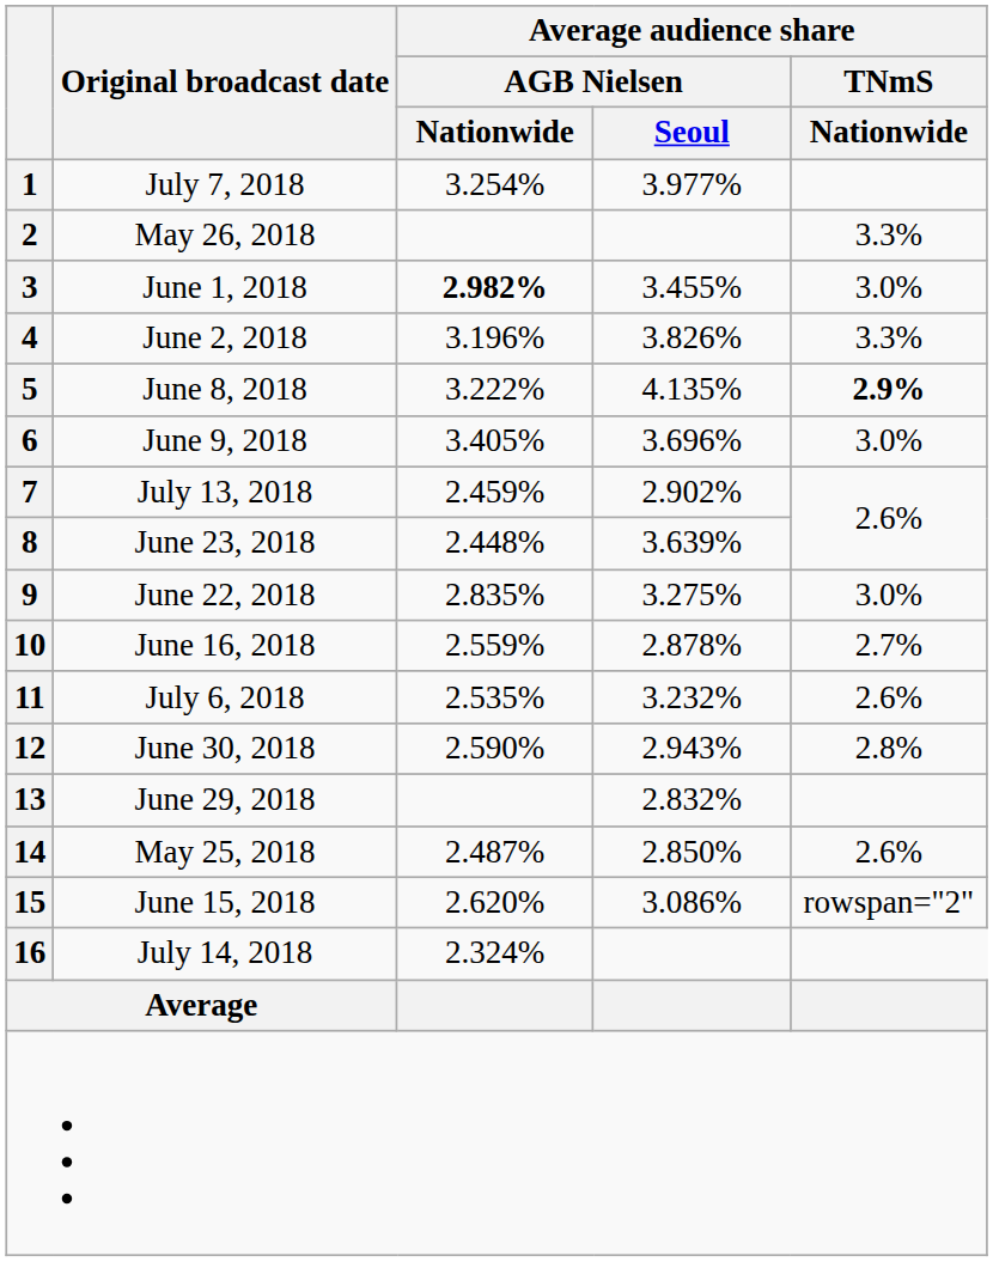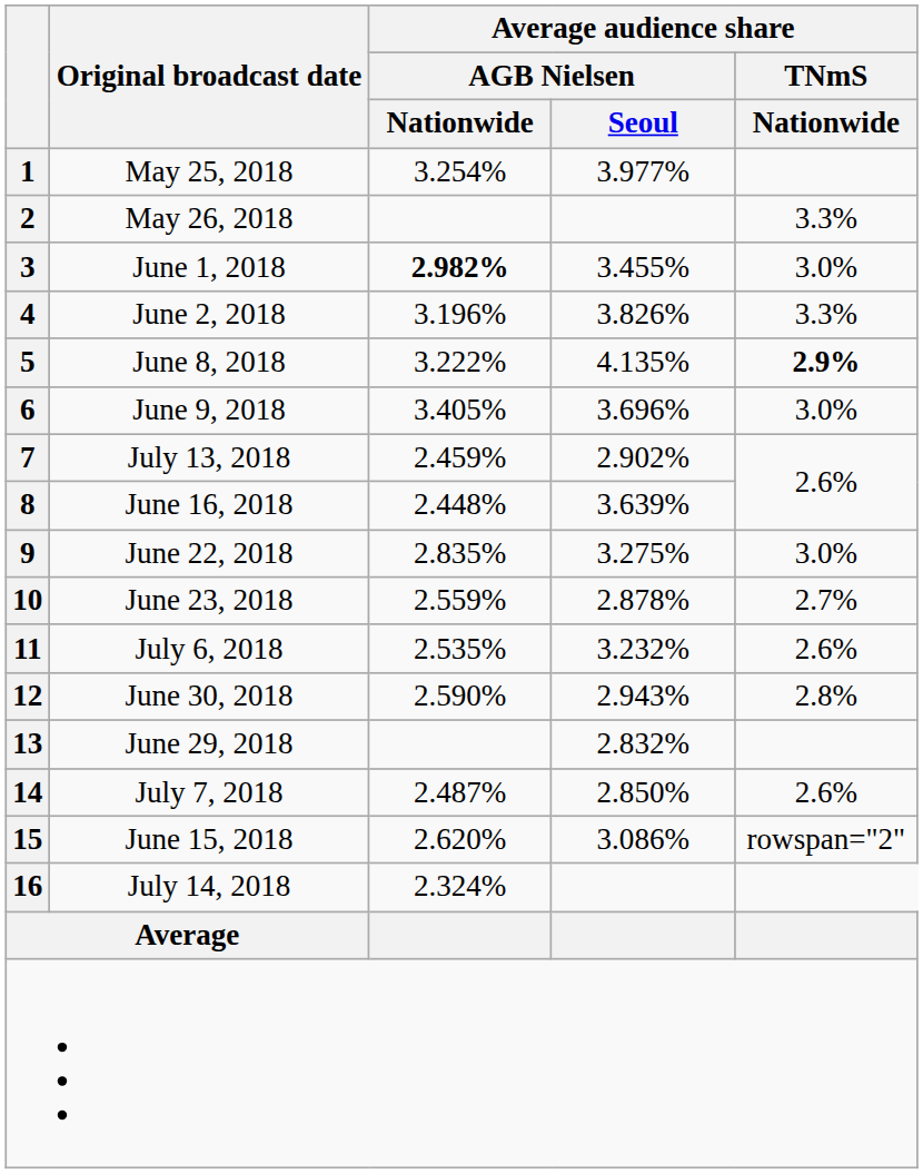 <table class="wikitable" style="text-align:center;max-width:550px; margin-left: auto; margin-right: auto; border: none;">
 <tr>
 </tr>
 <tr>
 <th rowspan="3"></th>
 <th rowspan="3">Original broadcast date</th>
 <th colspan="3">Average audience share</th>
 </tr>
 <tr>
 <th colspan="2">AGB Nielsen</th>
 <th>TNmS</th>
 </tr>
 <tr>
 <th width="90">Nationwide</th>
 <th width="90"><a href='#'>Seoul</a></th>
 <th width="90">Nationwide</th>
 </tr>
 <tr>
 <th>1</th>
-<td>July 7, 2018</td>
+<td>May 25, 2018</td>
 <td>3.254%</td>
 <td>3.977%</td>
 <td></td>
 </tr>
 <tr>
 <th>2</th>
 <td>May 26, 2018</td>
 <td></td>
 <td></td>
 <td>3.3%</td>
 </tr>
 <tr>
 <th>3</th>
 <td>June 1, 2018</td>
 <td><strong>2.982%</strong></td>
 <td>3.455%</td>
 <td>3.0%</td>
 </tr>
 <tr>
 <th>4</th>
 <td>June 2, 2018</td>
 <td>3.196%</td>
 <td>3.826%</td>
 <td>3.3%</td>
 </tr>
 <tr>
 <th>5</th>
 <td>June 8, 2018</td>
 <td>3.222%</td>
 <td>4.135%</td>
 <td><strong>2.9%</strong></td>
 </tr>
 <tr>
 <th>6</th>
 <td>June 9, 2018</td>
 <td>3.405%</td>
 <td>3.696%</td>
 <td>3.0%</td>
 </tr>
 <tr>
 <th>7</th>
 <td>July 13, 2018</td>
 <td>2.459%</td>
 <td>2.902%</td>
 <td rowspan="2">2.6%</td>
 </tr>
 <tr>
 <th>8</th>
-<td>June 23, 2018</td>
+<td>June 16, 2018</td>
 <td>2.448%</td>
 <td>3.639%</td>
 </tr>
 <tr>
 <th>9</th>
 <td>June 22, 2018</td>
 <td>2.835%</td>
 <td>3.275%</td>
 <td>3.0%</td>
 </tr>
 <tr>
 <th>10</th>
-<td>June 16, 2018</td>
+<td>June 23, 2018</td>
 <td>2.559%</td>
 <td>2.878%</td>
 <td>2.7%</td>
 </tr>
 <tr>
 <th>11</th>
 <td>July 6, 2018</td>
 <td>2.535%</td>
 <td>3.232%</td>
 <td>2.6%</td>
 </tr>
 <tr>
 <th>12</th>
 <td>June 30, 2018</td>
 <td>2.590%</td>
 <td>2.943%</td>
 <td>2.8%</td>
 </tr>
 <tr>
 <th>13</th>
 <td>June 29, 2018</td>
 <td></td>
 <td>2.832%</td>
 <td></td>
 </tr>
 <tr>
 <th>14</th>
-<td>May 25, 2018</td>
+<td>July 7, 2018</td>
 <td>2.487%</td>
 <td>2.850%</td>
 <td>2.6%</td>
 </tr>
 <tr>
 <th>15</th>
 <td>June 15, 2018</td>
 <td>2.620%</td>
 <td>3.086%</td>
 <td>rowspan="2" </td>
 </tr>
 <tr>
 <th>16</th>
 <td>July 14, 2018</td>
 <td>2.324%</td>
 <td></td>
 </tr>
 <tr>
 <th colspan="2">Average</th>
 <th></th>
 <th></th>
 <th></th>
 </tr>
 <tr>
 <td colspan="6"><br><ul><li></li><li></li><li></li></ul></td>
 </tr>
 </table>
